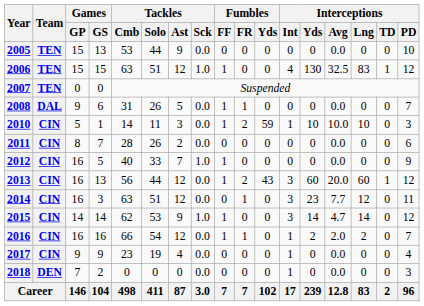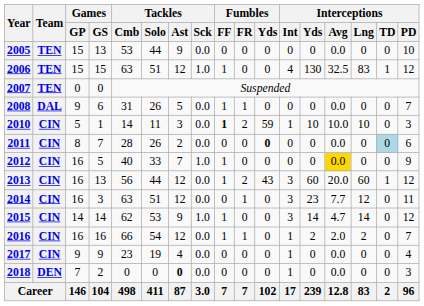 <table class="wikitable" style="text-align: center;">
 <tr>
 <th rowspan="2">Year</th>
 <th rowspan="2">Team</th>
 <th colspan="2">Games</th>
 <th colspan="4">Tackles</th>
 <th colspan="3">Fumbles</th>
 <th colspan="6">Interceptions</th>
 </tr>
 <tr>
 <th>GP</th>
 <th>GS</th>
 <th>Cmb</th>
 <th>Solo</th>
 <th>Ast</th>
 <th>Sck</th>
 <th>FF</th>
 <th>FR</th>
 <th>Yds</th>
 <th>Int</th>
 <th>Yds</th>
 <th>Avg</th>
 <th>Lng</th>
 <th>TD</th>
 <th>PD</th>
 </tr>
 <tr>
 <th><a href='#'>2005</a></th>
 <th><a href='#'>TEN</a></th>
 <td>15</td>
 <td>13</td>
 <td>53</td>
 <td>44</td>
 <td>9</td>
 <td>0.0</td>
 <td>0</td>
 <td>0</td>
 <td>0</td>
 <td>0</td>
 <td>0</td>
 <td>0.0</td>
 <td>0</td>
 <td>0</td>
 <td>10</td>
 </tr>
 <tr>
 <th><a href='#'>2006</a></th>
 <th><a href='#'>TEN</a></th>
 <td>15</td>
 <td>15</td>
 <td>63</td>
 <td>51</td>
 <td>12</td>
 <td>1.0</td>
 <td>1</td>
 <td>0</td>
 <td>0</td>
 <td>4</td>
 <td>130</td>
 <td>32.5</td>
 <td>83</td>
 <td>1</td>
 <td>12</td>
 </tr>
 <tr>
 <th><a href='#'>2007</a></th>
 <th><a href='#'>TEN</a></th>
 <td>0</td>
 <td>0</td>
 <td colspan="13"><em>Suspended</em></td>
 </tr>
 <tr>
 <th><a href='#'>2008</a></th>
 <th><a href='#'>DAL</a></th>
 <td>9</td>
 <td>6</td>
 <td>31</td>
 <td>26</td>
 <td>5</td>
 <td>0.0</td>
 <td>1</td>
 <td>1</td>
 <td>0</td>
 <td>0</td>
 <td>0</td>
 <td>0.0</td>
 <td>0</td>
 <td>0</td>
 <td>7</td>
 </tr>
 <tr>
 <th><a href='#'>2010</a></th>
 <th><a href='#'>CIN</a></th>
 <td>5</td>
 <td>1</td>
 <td>14</td>
 <td>11</td>
 <td>3</td>
 <td>0.0</td>
-<td>1</td>
+<td><strong>1</strong></td>
 <td>2</td>
 <td>59</td>
 <td>1</td>
 <td>10</td>
 <td>10.0</td>
 <td>10</td>
 <td>0</td>
 <td>3</td>
 </tr>
 <tr>
 <th><a href='#'>2011</a></th>
 <th><a href='#'>CIN</a></th>
 <td>8</td>
 <td>7</td>
 <td>28</td>
 <td>26</td>
 <td>2</td>
 <td>0.0</td>
 <td>0</td>
 <td>0</td>
-<td>0</td>
+<td><strong>0</strong></td>
 <td>0</td>
 <td>0</td>
 <td>0.0</td>
 <td>0</td>
-<td>0</td>
+<td style="background: lightblue;">0</td>
 <td>6</td>
 </tr>
 <tr>
 <th><a href='#'>2012</a></th>
 <th><a href='#'>CIN</a></th>
 <td>16</td>
 <td>5</td>
 <td>40</td>
 <td>33</td>
 <td>7</td>
 <td>1.0</td>
 <td>1</td>
 <td>0</td>
 <td>0</td>
 <td>0</td>
 <td>0</td>
-<td>0.0</td>
+<td style="background: gold;">0.0</td>
 <td>0</td>
 <td>0</td>
 <td>9</td>
 </tr>
 <tr>
 <th><a href='#'>2013</a></th>
 <th><a href='#'>CIN</a></th>
 <td>16</td>
 <td>13</td>
 <td>56</td>
 <td>44</td>
 <td>12</td>
 <td>0.0</td>
 <td>1</td>
 <td>2</td>
 <td>43</td>
 <td>3</td>
 <td>60</td>
 <td>20.0</td>
 <td>60</td>
 <td>1</td>
 <td>12</td>
 </tr>
 <tr>
 <th><a href='#'>2014</a></th>
 <th><a href='#'>CIN</a></th>
 <td>16</td>
 <td>3</td>
 <td>63</td>
 <td>51</td>
 <td>12</td>
 <td>0.0</td>
 <td>0</td>
 <td>1</td>
 <td>0</td>
 <td>3</td>
 <td>23</td>
 <td>7.7</td>
 <td>12</td>
 <td>0</td>
 <td>11</td>
 </tr>
 <tr>
 <th><a href='#'>2015</a></th>
 <th><a href='#'>CIN</a></th>
 <td>14</td>
 <td>14</td>
 <td>62</td>
 <td>53</td>
 <td>9</td>
 <td>1.0</td>
 <td>1</td>
 <td>0</td>
 <td>0</td>
 <td>3</td>
 <td>14</td>
 <td>4.7</td>
 <td>14</td>
 <td>0</td>
 <td>12</td>
 </tr>
 <tr>
 <th><a href='#'>2016</a></th>
 <th><a href='#'>CIN</a></th>
 <td>16</td>
 <td>16</td>
 <td>66</td>
 <td>54</td>
 <td>12</td>
 <td>0.0</td>
 <td>1</td>
 <td>1</td>
 <td>0</td>
 <td>1</td>
 <td>2</td>
 <td>2.0</td>
 <td>2</td>
 <td>0</td>
 <td>7</td>
 </tr>
 <tr>
 <th><a href='#'>2017</a></th>
 <th><a href='#'>CIN</a></th>
 <td>9</td>
 <td>9</td>
 <td>23</td>
 <td>19</td>
 <td>4</td>
 <td>0.0</td>
 <td>0</td>
 <td>0</td>
 <td>0</td>
 <td>1</td>
 <td>0</td>
 <td>0.0</td>
 <td>0</td>
 <td>0</td>
 <td>4</td>
 </tr>
 <tr>
 <th><a href='#'>2018</a></th>
 <th><a href='#'>DEN</a></th>
 <td>7</td>
 <td>2</td>
 <td>0</td>
 <td>0</td>
-<td>0</td>
+<td><strong>0</strong></td>
 <td>0.0</td>
 <td>0</td>
 <td>0</td>
 <td>0</td>
 <td>1</td>
 <td>0</td>
 <td>0.0</td>
 <td>0</td>
 <td>0</td>
 <td>3</td>
 </tr>
 <tr>
 <th colspan="2">Career</th>
 <th>146</th>
 <th>104</th>
 <th>498</th>
 <th>411</th>
 <th>87</th>
 <th>3.0</th>
 <th>7</th>
 <th>7</th>
 <th>102</th>
 <th>17</th>
 <th>239</th>
 <th>12.8</th>
 <th>83</th>
 <th>2</th>
 <th>96</th>
 </tr>
 </table>
